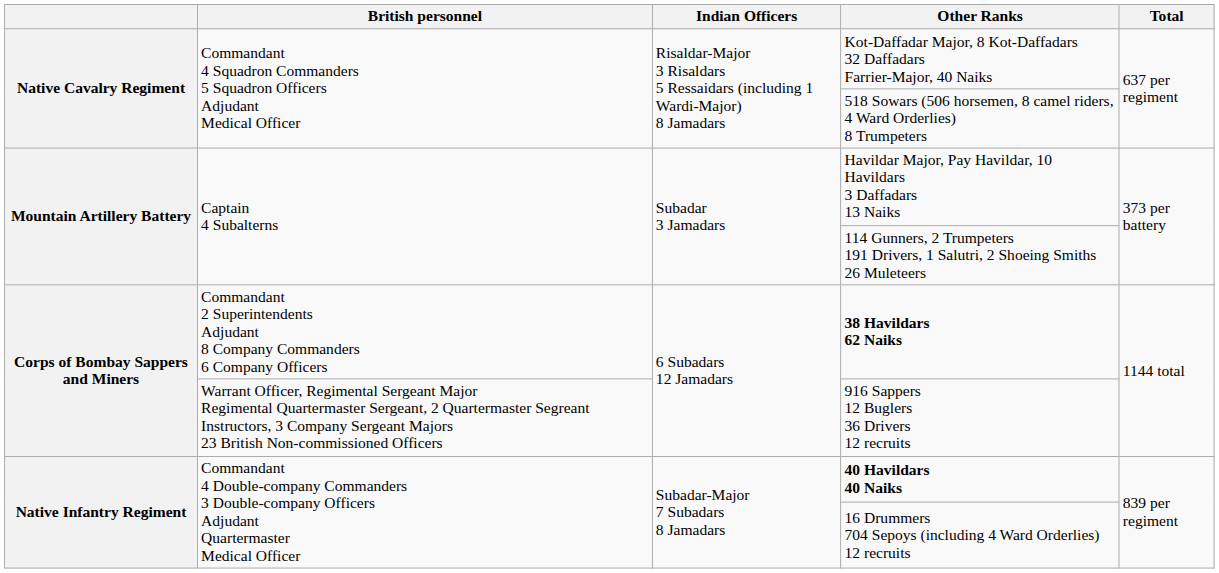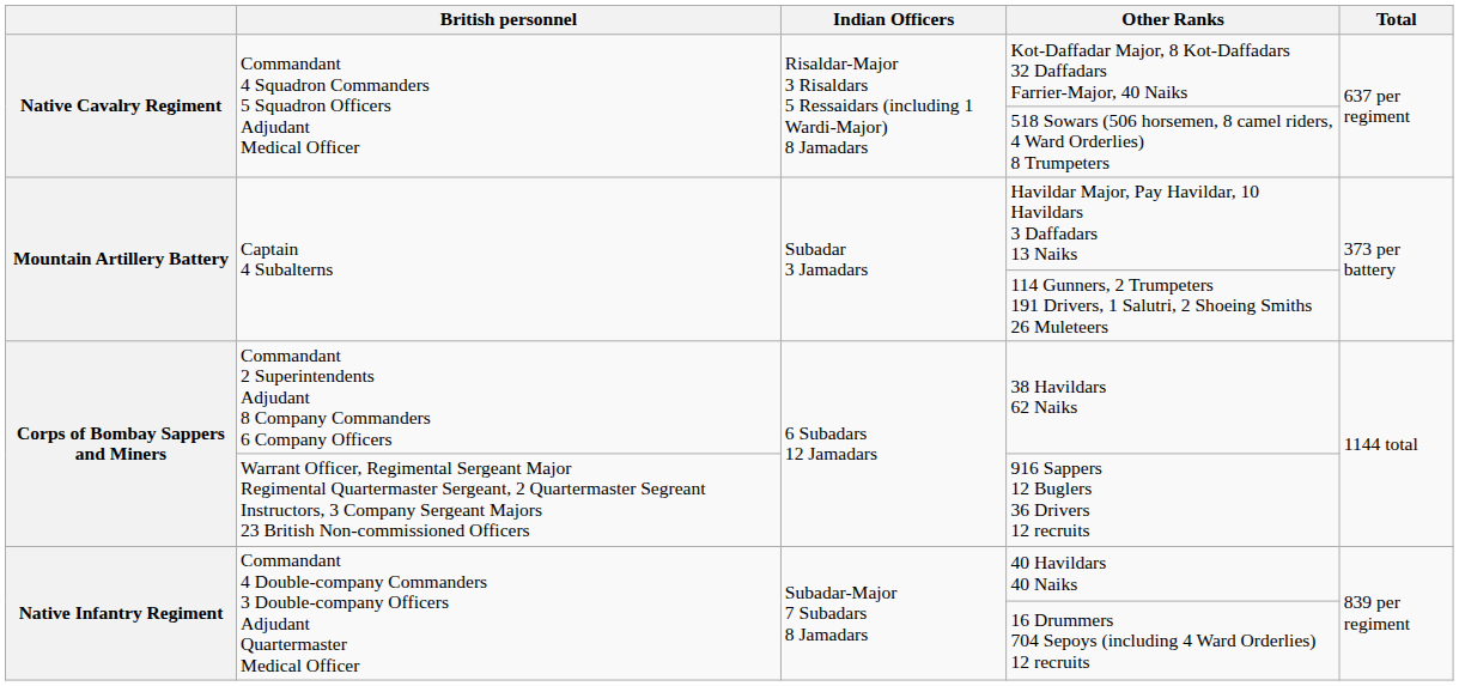 <table class="wikitable">
 <tr>
 <th></th>
 <th>British personnel</th>
 <th>Indian Officers</th>
 <th>Other Ranks</th>
 <th>Total</th>
 </tr>
 <tr>
 <th rowspan="2">Native Cavalry Regiment</th>
 <td rowspan="2">Commandant<br>4 Squadron Commanders<br>5 Squadron Officers<br>Adjudant<br>Medical Officer</td>
 <td rowspan="2">Risaldar-Major<br>3 Risaldars<br>5 Ressaidars (including 1 Wardi-Major)<br>8 Jamadars</td>
 <td>Kot-Daffadar Major, 8 Kot-Daffadars<br>32 Daffadars<br>Farrier-Major, 40 Naiks</td>
 <td rowspan="2">637 per regiment</td>
 </tr>
 <tr>
 <td>518 Sowars (506 horsemen, 8 camel riders, 4 Ward Orderlies)<br>8 Trumpeters</td>
 </tr>
 <tr>
 <th rowspan="2">Mountain Artillery Battery</th>
 <td rowspan="2">Captain<br>4 Subalterns</td>
 <td rowspan="2">Subadar<br>3 Jamadars</td>
 <td>Havildar Major, Pay Havildar, 10 Havildars<br>3 Daffadars<br>13 Naiks</td>
 <td rowspan="2">373 per battery</td>
 </tr>
 <tr>
 <td>114 Gunners, 2 Trumpeters<br>191 Drivers, 1 Salutri, 2 Shoeing Smiths<br>26 Muleteers</td>
 </tr>
 <tr>
 <th rowspan="2">Corps of Bombay Sappers and Miners</th>
 <td>Commandant<br>2 Superintendents<br>Adjudant<br>8 Company Commanders<br>6 Company Officers</td>
 <td rowspan="2">6 Subadars<br>12 Jamadars</td>
-<td><strong>38 Havildars<br>62 Naiks</strong></td>
+<td>38 Havildars<br>62 Naiks</td>
 <td rowspan="2">1144 total</td>
 </tr>
 <tr>
 <td>Warrant Officer, Regimental Sergeant Major<br>Regimental Quartermaster Sergeant, 2 Quartermaster Segreant Instructors, 3 Company Sergeant Majors<br>23 British Non-commissioned Officers</td>
 <td>916 Sappers<br>12 Buglers<br>36 Drivers<br>12 recruits</td>
 </tr>
 <tr>
 <th rowspan="2">Native Infantry Regiment</th>
 <td rowspan="2">Commandant<br>4 Double-company Commanders<br>3 Double-company Officers<br>Adjudant<br>Quartermaster<br>Medical Officer</td>
 <td rowspan="2">Subadar-Major<br>7 Subadars<br>8 Jamadars</td>
-<td><strong>40 Havildars<br>40 Naiks</strong></td>
+<td>40 Havildars<br>40 Naiks</td>
 <td rowspan="2">839 per regiment</td>
 </tr>
 <tr>
 <td>16 Drummers<br>704 Sepoys (including 4 Ward Orderlies)<br>12 recruits</td>
 </tr>
 </table>
